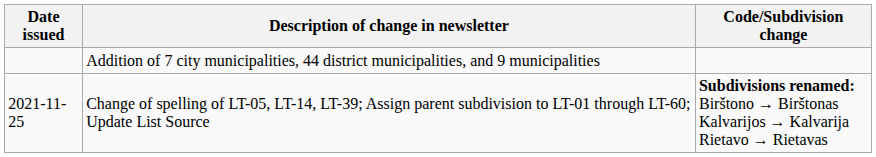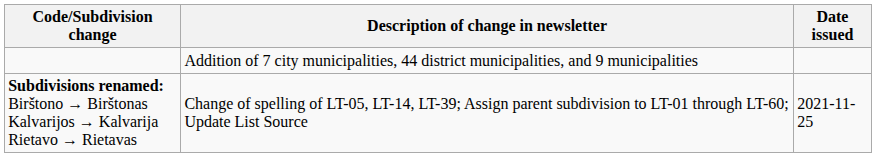 <table class="wikitable">
 <tr>
+<th>Code/Subdivision change</th>
+<th>Description of change in newsletter</th>
 <th>Date issued</th>
-<th>Description of change in newsletter</th>
-<th>Code/Subdivision change</th>
 </tr>
 <tr>
 <td></td>
 <td>Addition of 7 city municipalities, 44 district municipalities, and 9 municipalities</td>
 <td></td>
 </tr>
 <tr>
+<td style=white-space:nowrap><strong>Subdivisions renamed:</strong> <br>  Birštono → Birštonas<br>  Kalvarijos → Kalvarija<br>  Rietavo → Rietavas</td>
+<td>Change of spelling of LT-05, LT-14, LT-39; Assign parent subdivision to LT-01 through LT-60; Update List Source</td>
 <td>2021-11-25</td>
-<td>Change of spelling of LT-05, LT-14, LT-39; Assign parent subdivision to LT-01 through LT-60; Update List Source</td>
-<td style=white-space:nowrap><strong>Subdivisions renamed:</strong> <br>  Birštono → Birštonas<br>  Kalvarijos → Kalvarija<br>  Rietavo → Rietavas</td>
 </tr>
 </table>
